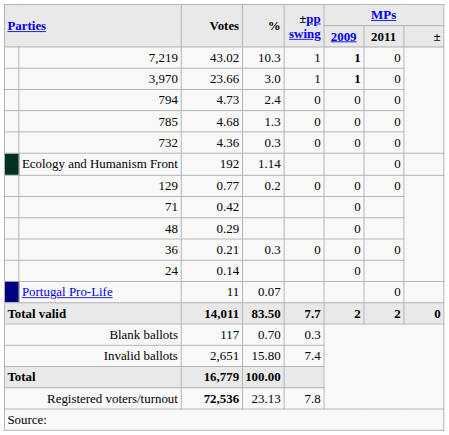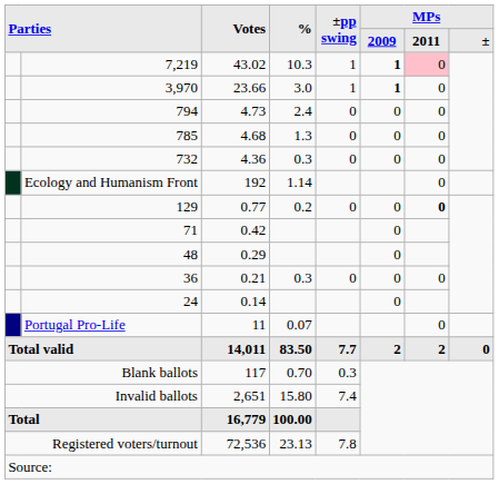 <table class="wikitable" style="text-align:right; font-size:95%;">
 <tr>
 <th rowspan="2" colspan="2" style="background:#e9e9e9; text-align:left;" alignleft><a href='#'>Parties</a></th>
 <th rowspan="2" style="background:#e9e9e9; text-align:right;">Votes</th>
 <th rowspan="2" style="background:#e9e9e9; text-align:right;">%</th>
 <th rowspan="2" style="background:#e9e9e9; text-align:right;">±<a href='#'>pp</a> <a href='#'>swing</a></th>
 <th colspan="3" style="background:#e9e9e9; text-align:center;"><a href='#'>MPs</a></th>
 </tr>
 <tr style="background-color:#E9E9E9">
 <th style="background-color:#E9E9E9;text-align:center;"><a href='#'>2009</a></th>
 <th style="background-color:#E9E9E9;text-align:center;">2011</th>
 <th style="background:#e9e9e9; text-align:right;">±</th>
 </tr>
 <tr>
 <td></td>
 <td>7,219</td>
 <td>43.02</td>
 <td>10.3</td>
 <td>1</td>
 <td><strong>1</strong></td>
-<td>0</td>
+<td style="background: pink;">0</td>
 </tr>
 <tr>
 <td></td>
 <td>3,970</td>
 <td>23.66</td>
 <td>3.0</td>
 <td>1</td>
 <td><strong>1</strong></td>
 <td>0</td>
 </tr>
 <tr>
 <td></td>
 <td>794</td>
 <td>4.73</td>
 <td>2.4</td>
 <td>0</td>
 <td>0</td>
 <td>0</td>
 </tr>
 <tr>
 <td></td>
 <td>785</td>
 <td>4.68</td>
 <td>1.3</td>
 <td>0</td>
 <td>0</td>
 <td>0</td>
 </tr>
 <tr>
 <td></td>
 <td>732</td>
 <td>4.36</td>
 <td>0.3</td>
 <td>0</td>
 <td>0</td>
 <td>0</td>
 </tr>
 <tr>
 <td style="width:10px;background-color:#013220;text-align:center;"></td>
 <td style="text-align:left;">Ecology and Humanism Front </td>
 <td>192</td>
 <td>1.14</td>
 <td></td>
 <td></td>
 <td>0</td>
 <td></td>
 </tr>
 <tr>
 <td></td>
 <td>129</td>
 <td>0.77</td>
 <td>0.2</td>
 <td>0</td>
 <td>0</td>
-<td>0</td>
+<td><strong>0</strong></td>
 </tr>
 <tr>
 <td></td>
 <td>71</td>
 <td>0.42</td>
 <td></td>
 <td></td>
 <td>0</td>
 <td></td>
 </tr>
 <tr>
 <td></td>
 <td>48</td>
 <td>0.29</td>
 <td></td>
 <td></td>
 <td>0</td>
 <td></td>
 </tr>
 <tr>
 <td></td>
 <td>36</td>
 <td>0.21</td>
 <td>0.3</td>
 <td>0</td>
 <td>0</td>
 <td>0</td>
 </tr>
 <tr>
 <td></td>
 <td>24</td>
 <td>0.14</td>
 <td></td>
 <td></td>
 <td>0</td>
 <td></td>
 </tr>
 <tr>
 <td style="width:10px;background-color:#000080;text-align:center;"></td>
 <td style="text-align:left;"><a href='#'>Portugal Pro-Life</a></td>
 <td>11</td>
 <td>0.07</td>
 <td></td>
 <td></td>
 <td>0</td>
 <td></td>
 </tr>
 <tr>
 <td colspan=2 align=left style="background-color:#E9E9E9"><strong>Total valid</strong></td>
 <td width="65" align="right" style="background-color:#E9E9E9"><strong>14,011</strong></td>
 <td width="40" align="right" style="background-color:#E9E9E9"><strong>83.50</strong></td>
 <td width="40" align="right" style="background-color:#E9E9E9"><strong>7.7</strong></td>
 <td width="40" align="right" style="background-color:#E9E9E9"><strong>2</strong></td>
 <td width="40" align="right" style="background-color:#E9E9E9"><strong>2</strong></td>
 <td width="40" align="right" style="background-color:#E9E9E9"><strong>0</strong></td>
 </tr>
 <tr>
 <td colspan=2>Blank ballots</td>
 <td>117</td>
 <td>0.70</td>
 <td>0.3</td>
 <td colspan=4 rowspan=4></td>
 </tr>
 <tr>
 <td colspan=2>Invalid ballots</td>
 <td>2,651</td>
 <td>15.80</td>
 <td>7.4</td>
 </tr>
 <tr>
 <td colspan=2 align=left style="background-color:#E9E9E9"><strong>Total</strong></td>
 <td width="50" align="right" style="background-color:#E9E9E9"><strong>16,779</strong></td>
 <td width="40" align="right" style="background-color:#E9E9E9"><strong>100.00</strong></td>
 <td width="40" align="right" style="background-color:#E9E9E9"></td>
 </tr>
 <tr>
 <td colspan=2>Registered voters/turnout</td>
-<td><strong>72,536</strong></td>
+<td>72,536</td>
 <td>23.13</td>
 <td>7.8</td>
 </tr>
 <tr>
 <td colspan=11 align=left>Source: </td>
 </tr>
 </table>
